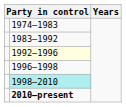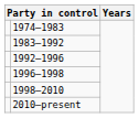 <table class="wikitable">
 <tr>
 <th colspan=2>Party in control</th>
 <th>Years</th>
 </tr>
 <tr>
 <td></td>
 <td>1974–1983</td>
 </tr>
 <tr>
 <td></td>
 <td>1983–1992</td>
 </tr>
 <tr>
 <td></td>
-<td style="background: lightyellow;">1992–1996</td>
+<td>1992–1996</td>
 </tr>
 <tr>
 <td></td>
 <td>1996–1998</td>
 </tr>
 <tr>
 <td></td>
-<td style="background: paleturquoise;">1998–2010</td>
+<td>1998–2010</td>
 </tr>
 <tr>
 <td></td>
-<td><strong>2010–present</strong></td>
+<td>2010–present</td>
 </tr>
 </table>
